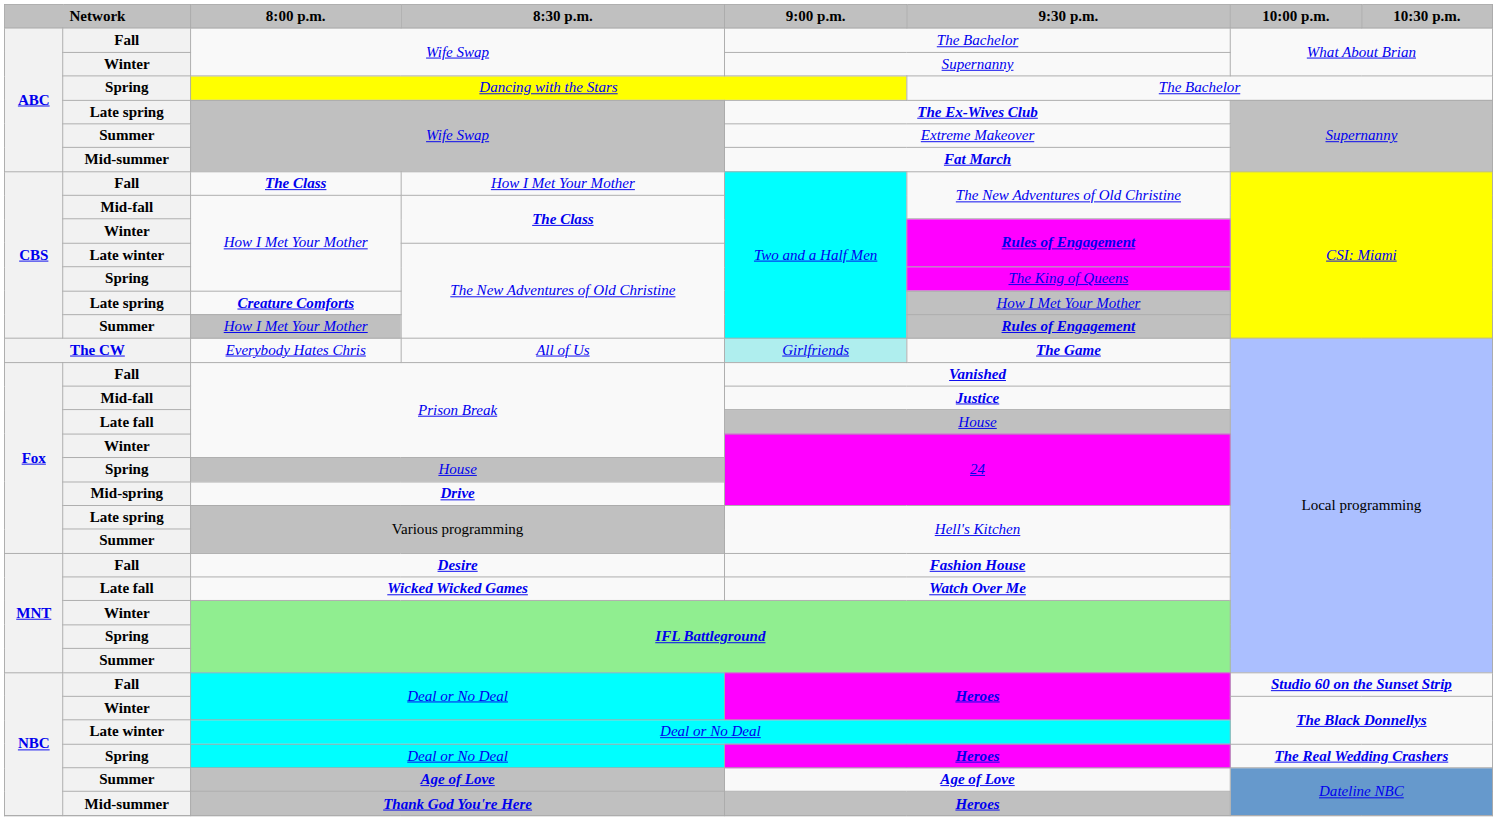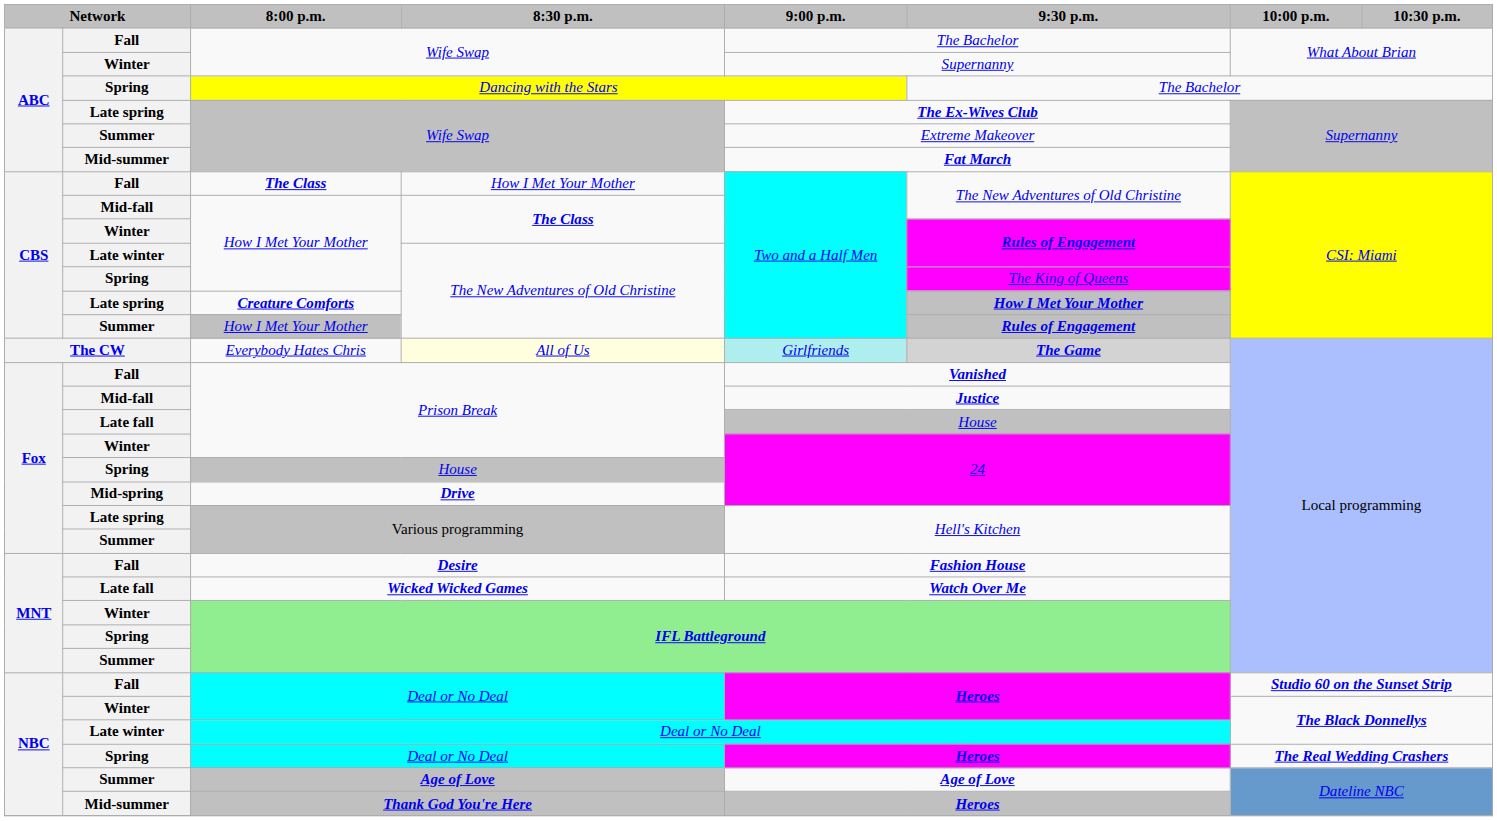 <table class="wikitable" style="width:100%;margin-right:0;text-align:center">
 <tr>
 <th colspan="2" style="background-color:#C0C0C0;text-align:center">Network</th>
 <th style="background-color:#C0C0C0;text-align:center">8:00 p.m.</th>
 <th style="background-color:#C0C0C0;text-align:center">8:30 p.m.</th>
 <th style="background-color:#C0C0C0;text-align:center">9:00 p.m.</th>
 <th style="background-color:#C0C0C0;text-align:center">9:30 p.m.</th>
 <th style="background-color:#C0C0C0;text-align:center">10:00 p.m.</th>
 <th style="background-color:#C0C0C0;text-align:center">10:30 p.m.</th>
 </tr>
 <tr>
 <th rowspan="6"><a href='#'>ABC</a></th>
 <th>Fall</th>
 <td colspan="2" rowspan="2"><em><a href='#'>Wife Swap</a></em></td>
 <td colspan="2"><em><a href='#'>The Bachelor</a></em></td>
 <td colspan="2" rowspan="2"><em><a href='#'>What About Brian</a></em></td>
 </tr>
 <tr>
 <th>Winter</th>
 <td colspan="2"><em><a href='#'>Supernanny</a></em></td>
 </tr>
 <tr>
 <th>Spring</th>
 <td colspan="3" style="background:yellow;"><em><a href='#'>Dancing with the Stars</a></em> </td>
 <td colspan="3"><em><a href='#'>The Bachelor</a></em></td>
 </tr>
 <tr>
 <th>Late spring</th>
 <td colspan="2" rowspan="3" style="background:#C0C0C0;"><em><a href='#'>Wife Swap</a></em> </td>
 <td colspan="2"><strong><em><a href='#'>The Ex-Wives Club</a></em></strong></td>
 <td colspan="2" rowspan="3" style="background:#C0C0C0;"><em><a href='#'>Supernanny</a></em> </td>
 </tr>
 <tr>
 <th>Summer</th>
 <td colspan="2"><em><a href='#'>Extreme Makeover</a></em></td>
 </tr>
 <tr>
 <th>Mid-summer</th>
 <td colspan="2"><strong><em><a href='#'>Fat March</a></em></strong></td>
 </tr>
 <tr>
 <th rowspan="7"><a href='#'>CBS</a></th>
 <th>Fall</th>
 <td><strong><em><a href='#'>The Class</a></em></strong></td>
 <td><em><a href='#'>How I Met Your Mother</a></em></td>
 <td rowspan="7" style="background:cyan;"><em><a href='#'>Two and a Half Men</a></em> </td>
 <td rowspan="2"><em><a href='#'>The New Adventures of Old Christine</a></em></td>
 <td colspan="2" rowspan="7" style="background:yellow;"><em><a href='#'>CSI: Miami</a></em> </td>
 </tr>
 <tr>
 <th>Mid-fall</th>
 <td rowspan="4"><em><a href='#'>How I Met Your Mother</a></em></td>
 <td rowspan="2"><strong><em><a href='#'>The Class</a></em></strong></td>
 </tr>
 <tr>
 <th>Winter</th>
 <td rowspan="2" style="background:magenta;"><strong><em><a href='#'>Rules of Engagement</a></em></strong> </td>
 </tr>
 <tr>
 <th>Late winter</th>
 <td rowspan="4"><em><a href='#'>The New Adventures of Old Christine</a></em></td>
 </tr>
 <tr>
 <th>Spring</th>
 <td style="background:magenta;"><em><a href='#'>The King of Queens</a></em> </td>
 </tr>
 <tr>
 <th>Late spring</th>
 <td><strong><em><a href='#'>Creature Comforts</a></em></strong></td>
-<td style="background:#C0C0C0;"><em><a href='#'>How I Met Your Mother</a></em> </td>
+<td style="background:#C0C0C0;"><strong><em><a href='#'>How I Met Your Mother</a></em> </strong></td>
 </tr>
 <tr>
 <th>Summer</th>
 <td style="background:#C0C0C0;"><em><a href='#'>How I Met Your Mother</a></em> </td>
 <td style="background:#C0C0C0;"><strong><em><a href='#'>Rules of Engagement</a></em></strong> </td>
 </tr>
 <tr>
 <th colspan="2"><a href='#'>The CW</a></th>
 <td><em><a href='#'>Everybody Hates Chris</a></em></td>
-<td><em><a href='#'>All of Us</a></em></td>
+<td style="background: lightyellow;"><em><a href='#'>All of Us</a></em></td>
 <td style="background: paleturquoise;"><em><a href='#'>Girlfriends</a></em></td>
-<td><strong><em><a href='#'>The Game</a></em></strong></td>
+<td style="background: lightgrey;"><strong><em><a href='#'>The Game</a></em></strong></td>
 <td colspan="2" rowspan="14" style="background:#abbfff;">Local programming</td>
 </tr>
 <tr>
 <th rowspan="8"><a href='#'>Fox</a></th>
 <th>Fall</th>
 <td colspan="2" rowspan="4"><em><a href='#'>Prison Break</a></em></td>
 <td colspan="2"><strong><em><a href='#'>Vanished</a></em></strong></td>
 </tr>
 <tr>
 <th>Mid-fall</th>
 <td colspan="2"><strong><em><a href='#'>Justice</a></em></strong></td>
 </tr>
 <tr>
 <th>Late fall</th>
 <td colspan="2" style="background:#C0C0C0;"><em><a href='#'>House</a></em> </td>
 </tr>
 <tr>
 <th>Winter</th>
 <td colspan="2" rowspan="3" style="background:magenta;"><em><a href='#'>24</a></em> </td>
 </tr>
 <tr>
 <th>Spring</th>
 <td colspan="2" style="background:#C0C0C0;"><em><a href='#'>House</a></em> </td>
 </tr>
 <tr>
 <th>Mid-spring</th>
 <td colspan="2"><strong><em><a href='#'>Drive</a></em></strong></td>
 </tr>
 <tr>
 <th>Late spring</th>
 <td colspan="2" rowspan="2" style="background:#C0C0C0;">Various programming</td>
 <td colspan="2" rowspan="2"><em><a href='#'>Hell's Kitchen</a></em></td>
 </tr>
 <tr>
 <th>Summer</th>
 </tr>
 <tr>
 <th rowspan="5"><a href='#'>MNT</a></th>
 <th>Fall</th>
 <td colspan="2"><strong><em><a href='#'>Desire</a></em></strong></td>
 <td colspan="2"><strong><em><a href='#'>Fashion House</a></em></strong></td>
 </tr>
 <tr>
 <th>Late fall</th>
 <td colspan="2"><strong><em><a href='#'>Wicked Wicked Games</a></em></strong></td>
 <td colspan="2"><strong><em><a href='#'>Watch Over Me</a></em></strong></td>
 </tr>
 <tr>
 <th>Winter</th>
 <td colspan="4" rowspan="3" style="background:lightgreen;"><strong><em><a href='#'>IFL Battleground</a></em></strong></td>
 </tr>
 <tr>
 <th>Spring</th>
 </tr>
 <tr>
 <th>Summer</th>
 </tr>
 <tr>
 <th rowspan="6"><a href='#'>NBC</a></th>
 <th>Fall</th>
 <td colspan="2" rowspan="2" style="background:cyan;"><em><a href='#'>Deal or No Deal</a></em> </td>
 <td colspan="2" rowspan="2" style="background:magenta;"><strong><em><a href='#'>Heroes</a></em></strong> </td>
 <td colspan="2"><strong><em><a href='#'>Studio 60 on the Sunset Strip</a></em></strong></td>
 </tr>
 <tr>
 <th>Winter</th>
 <td colspan="2" rowspan="2"><strong><em><a href='#'>The Black Donnellys</a></em></strong></td>
 </tr>
 <tr>
 <th>Late winter</th>
 <td colspan="4" style="background:cyan;"><em><a href='#'>Deal or No Deal</a></em> </td>
 </tr>
 <tr>
 <th>Spring</th>
 <td colspan="2" style="background:cyan;"><em><a href='#'>Deal or No Deal</a></em> </td>
 <td colspan="2" style="background:magenta;"><strong><em><a href='#'>Heroes</a></em></strong> </td>
 <td colspan="2"><strong><em><a href='#'>The Real Wedding Crashers</a></em></strong></td>
 </tr>
 <tr>
 <th>Summer</th>
 <td colspan="2" style="background:#C0C0C0;"><strong><em><a href='#'>Age of Love</a></em></strong> </td>
 <td colspan="2"><strong><em><a href='#'>Age of Love</a></em></strong></td>
 <td colspan="2" rowspan="2" style="background:#6699CC;"><em><a href='#'>Dateline NBC</a></em></td>
 </tr>
 <tr>
 <th>Mid-summer</th>
 <td colspan="2" style="background:#C0C0C0;"><strong><em><a href='#'>Thank God You're Here</a></em></strong> </td>
 <td colspan="2" style="background:#C0C0C0;"><strong><em><a href='#'>Heroes</a></em></strong> </td>
 </tr>
 <tr>
 </tr>
 </table>
